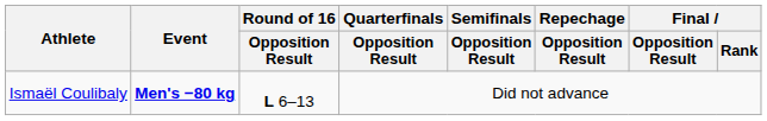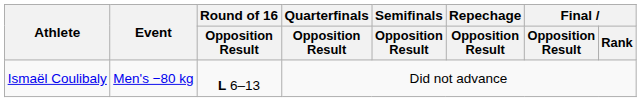 <table class="wikitable" style="font-size:90%;">
 <tr>
 <th rowspan=2>Athlete</th>
 <th rowspan=2>Event</th>
 <th>Round of 16</th>
 <th>Quarterfinals</th>
 <th>Semifinals</th>
 <th>Repechage</th>
 <th colspan=2>Final / </th>
 </tr>
 <tr style="font-size:95%">
 <th>Opposition<br>Result</th>
 <th>Opposition<br>Result</th>
 <th>Opposition<br>Result</th>
 <th>Opposition<br>Result</th>
 <th>Opposition<br>Result</th>
 <th>Rank</th>
 </tr>
 <tr align=center>
 <td align=left><a href='#'>Ismaël Coulibaly</a></td>
-<td align=left><strong><a href='#'>Men's −80 kg</a></strong></td>
+<td align=left><a href='#'>Men's −80 kg</a></td>
 <td><br><strong>L</strong> 6–13</td>
 <td colspan=5>Did not advance</td>
 </tr>
 </table>
